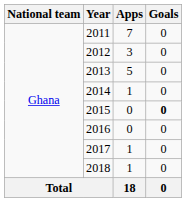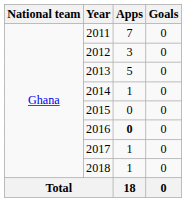 <table class="wikitable" style="text-align: center">
 <tr>
 <th>National team</th>
 <th>Year</th>
 <th>Apps</th>
 <th>Goals</th>
 </tr>
 <tr>
 <td rowspan="8"><a href='#'>Ghana</a></td>
 <td>2011</td>
 <td>7</td>
 <td>0</td>
 </tr>
 <tr>
 <td>2012</td>
 <td>3</td>
 <td>0</td>
 </tr>
 <tr>
 <td>2013</td>
 <td>5</td>
 <td>0</td>
 </tr>
 <tr>
 <td>2014</td>
 <td>1</td>
 <td>0</td>
 </tr>
 <tr>
 <td>2015</td>
 <td>0</td>
-<td><strong>0</strong></td>
+<td>0</td>
 </tr>
 <tr>
 <td>2016</td>
-<td>0</td>
+<td><strong>0</strong></td>
 <td>0</td>
 </tr>
 <tr>
 <td>2017</td>
 <td>1</td>
 <td>0</td>
 </tr>
 <tr>
 <td>2018</td>
 <td>1</td>
 <td>0</td>
 </tr>
 <tr>
 <th colspan="2">Total</th>
 <th>18</th>
 <th>0</th>
 </tr>
 </table>
